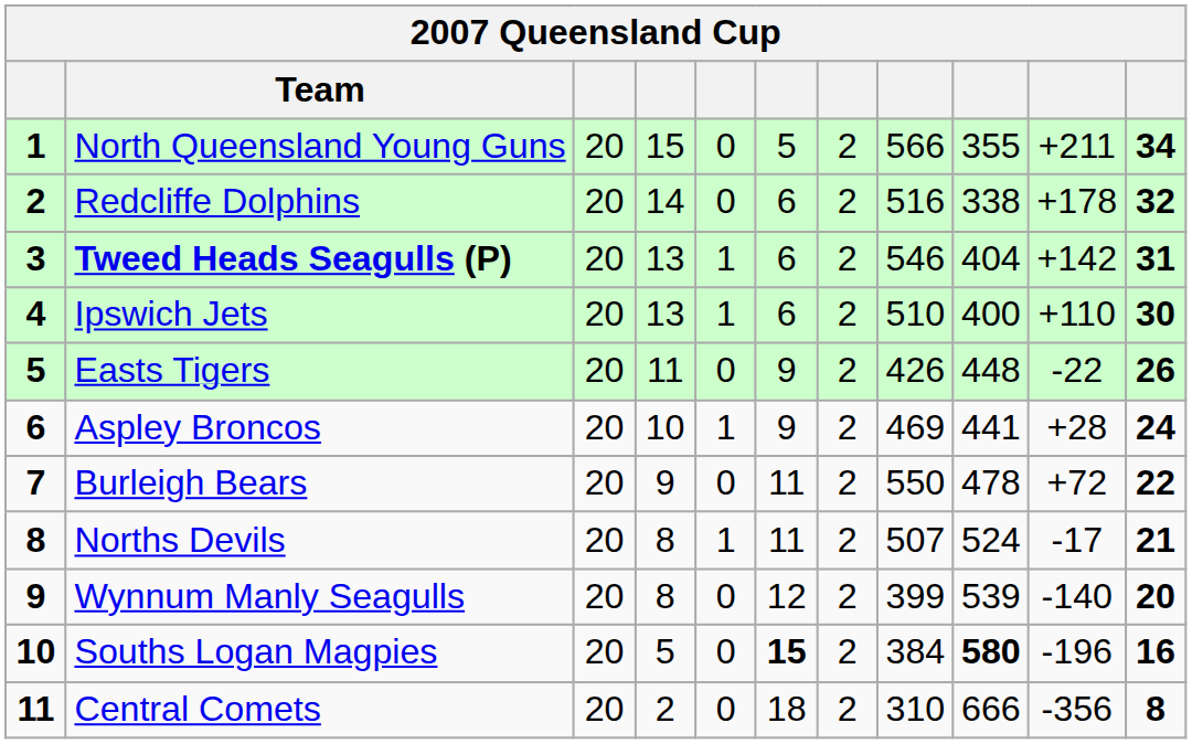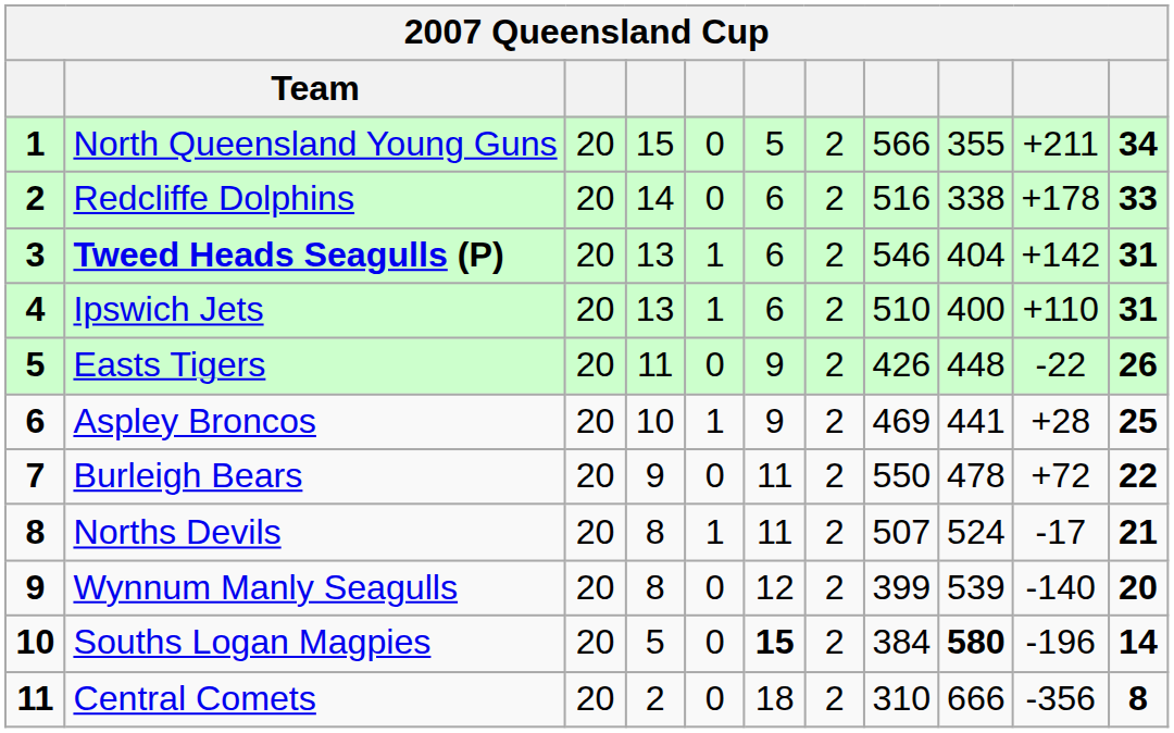 <table class="wikitable" style="text-align:center;">
 <tr>
 <th colspan="11">2007 Queensland Cup</th>
 </tr>
 <tr>
 <th width="20"></th>
 <th>Team</th>
 <th width="20"></th>
 <th width="20"></th>
 <th width="20"></th>
 <th width="20"></th>
 <th width="20"></th>
 <th width="25"></th>
 <th width="25"></th>
 <th width="30"></th>
 <th width="20"></th>
 </tr>
 <tr style="background: #ccffcc;">
 <td><strong>1</strong></td>
 <td style="text-align:left;"> <a href='#'>North Queensland Young Guns</a></td>
 <td>20</td>
 <td>15</td>
 <td>0</td>
 <td>5</td>
 <td>2</td>
 <td>566</td>
 <td>355</td>
 <td>+211</td>
 <td><strong>34</strong></td>
 </tr>
 <tr style="background: #ccffcc;">
 <td><strong>2</strong></td>
 <td style="text-align:left;"> <a href='#'>Redcliffe Dolphins</a></td>
 <td>20</td>
 <td>14</td>
 <td>0</td>
 <td>6</td>
 <td>2</td>
 <td>516</td>
 <td>338</td>
 <td>+178</td>
-<td><strong>32</strong></td>
+<td><strong>33</strong></td>
 </tr>
 <tr style="background: #ccffcc;">
 <td><strong>3</strong></td>
 <td style="text-align:left;"> <strong><a href='#'>Tweed Heads Seagulls</a> (P)</strong></td>
 <td>20</td>
 <td>13</td>
 <td>1</td>
 <td>6</td>
 <td>2</td>
 <td>546</td>
 <td>404</td>
 <td>+142</td>
 <td><strong>31</strong></td>
 </tr>
 <tr style="background: #ccffcc;">
 <td><strong>4</strong></td>
 <td style="text-align:left;"> <a href='#'>Ipswich Jets</a></td>
 <td>20</td>
 <td>13</td>
 <td>1</td>
 <td>6</td>
 <td>2</td>
 <td>510</td>
 <td>400</td>
 <td>+110</td>
-<td><strong>30</strong></td>
+<td><strong>31</strong></td>
 </tr>
 <tr style="background: #ccffcc;">
 <td><strong>5</strong></td>
 <td style="text-align:left;"> <a href='#'>Easts Tigers</a></td>
 <td>20</td>
 <td>11</td>
 <td>0</td>
 <td>9</td>
 <td>2</td>
 <td>426</td>
 <td>448</td>
 <td>-22</td>
 <td><strong>26</strong></td>
 </tr>
 <tr style="background:">
 <td><strong>6</strong></td>
 <td style="text-align:left;"> <a href='#'>Aspley Broncos</a></td>
 <td>20</td>
 <td>10</td>
 <td>1</td>
 <td>9</td>
 <td>2</td>
 <td>469</td>
 <td>441</td>
 <td>+28</td>
-<td><strong>24</strong></td>
+<td><strong>25</strong></td>
 </tr>
 <tr style="background:">
 <td><strong>7</strong></td>
 <td style="text-align:left;"> <a href='#'>Burleigh Bears</a></td>
 <td>20</td>
 <td>9</td>
 <td>0</td>
 <td>11</td>
 <td>2</td>
 <td>550</td>
 <td>478</td>
 <td>+72</td>
 <td><strong>22</strong></td>
 </tr>
 <tr style="background:">
 <td><strong>8</strong></td>
 <td style="text-align:left;"> <a href='#'>Norths Devils</a></td>
 <td>20</td>
 <td>8</td>
 <td>1</td>
 <td>11</td>
 <td>2</td>
 <td>507</td>
 <td>524</td>
 <td>-17</td>
 <td><strong>21</strong></td>
 </tr>
 <tr style="background:">
 <td><strong>9</strong></td>
 <td style="text-align:left;"> <a href='#'>Wynnum Manly Seagulls</a></td>
 <td>20</td>
 <td>8</td>
 <td>0</td>
 <td>12</td>
 <td>2</td>
 <td>399</td>
 <td>539</td>
 <td>-140</td>
 <td><strong>20</strong></td>
 </tr>
 <tr style="background:">
 <td><strong>10</strong></td>
 <td style="text-align:left;"> <a href='#'>Souths Logan Magpies</a></td>
 <td>20</td>
 <td>5</td>
 <td>0</td>
 <td><strong>15</strong></td>
 <td>2</td>
 <td>384</td>
 <td><strong>580</strong></td>
 <td>-196</td>
-<td><strong>16</strong></td>
+<td><strong>14</strong></td>
 </tr>
 <tr style="background:">
 <td><strong>11</strong></td>
 <td style="text-align:left;"> <a href='#'>Central Comets</a></td>
 <td>20</td>
 <td>2</td>
 <td>0</td>
 <td>18</td>
 <td>2</td>
 <td>310</td>
 <td>666</td>
 <td>-356</td>
 <td><strong>8</strong></td>
 </tr>
 </table>
